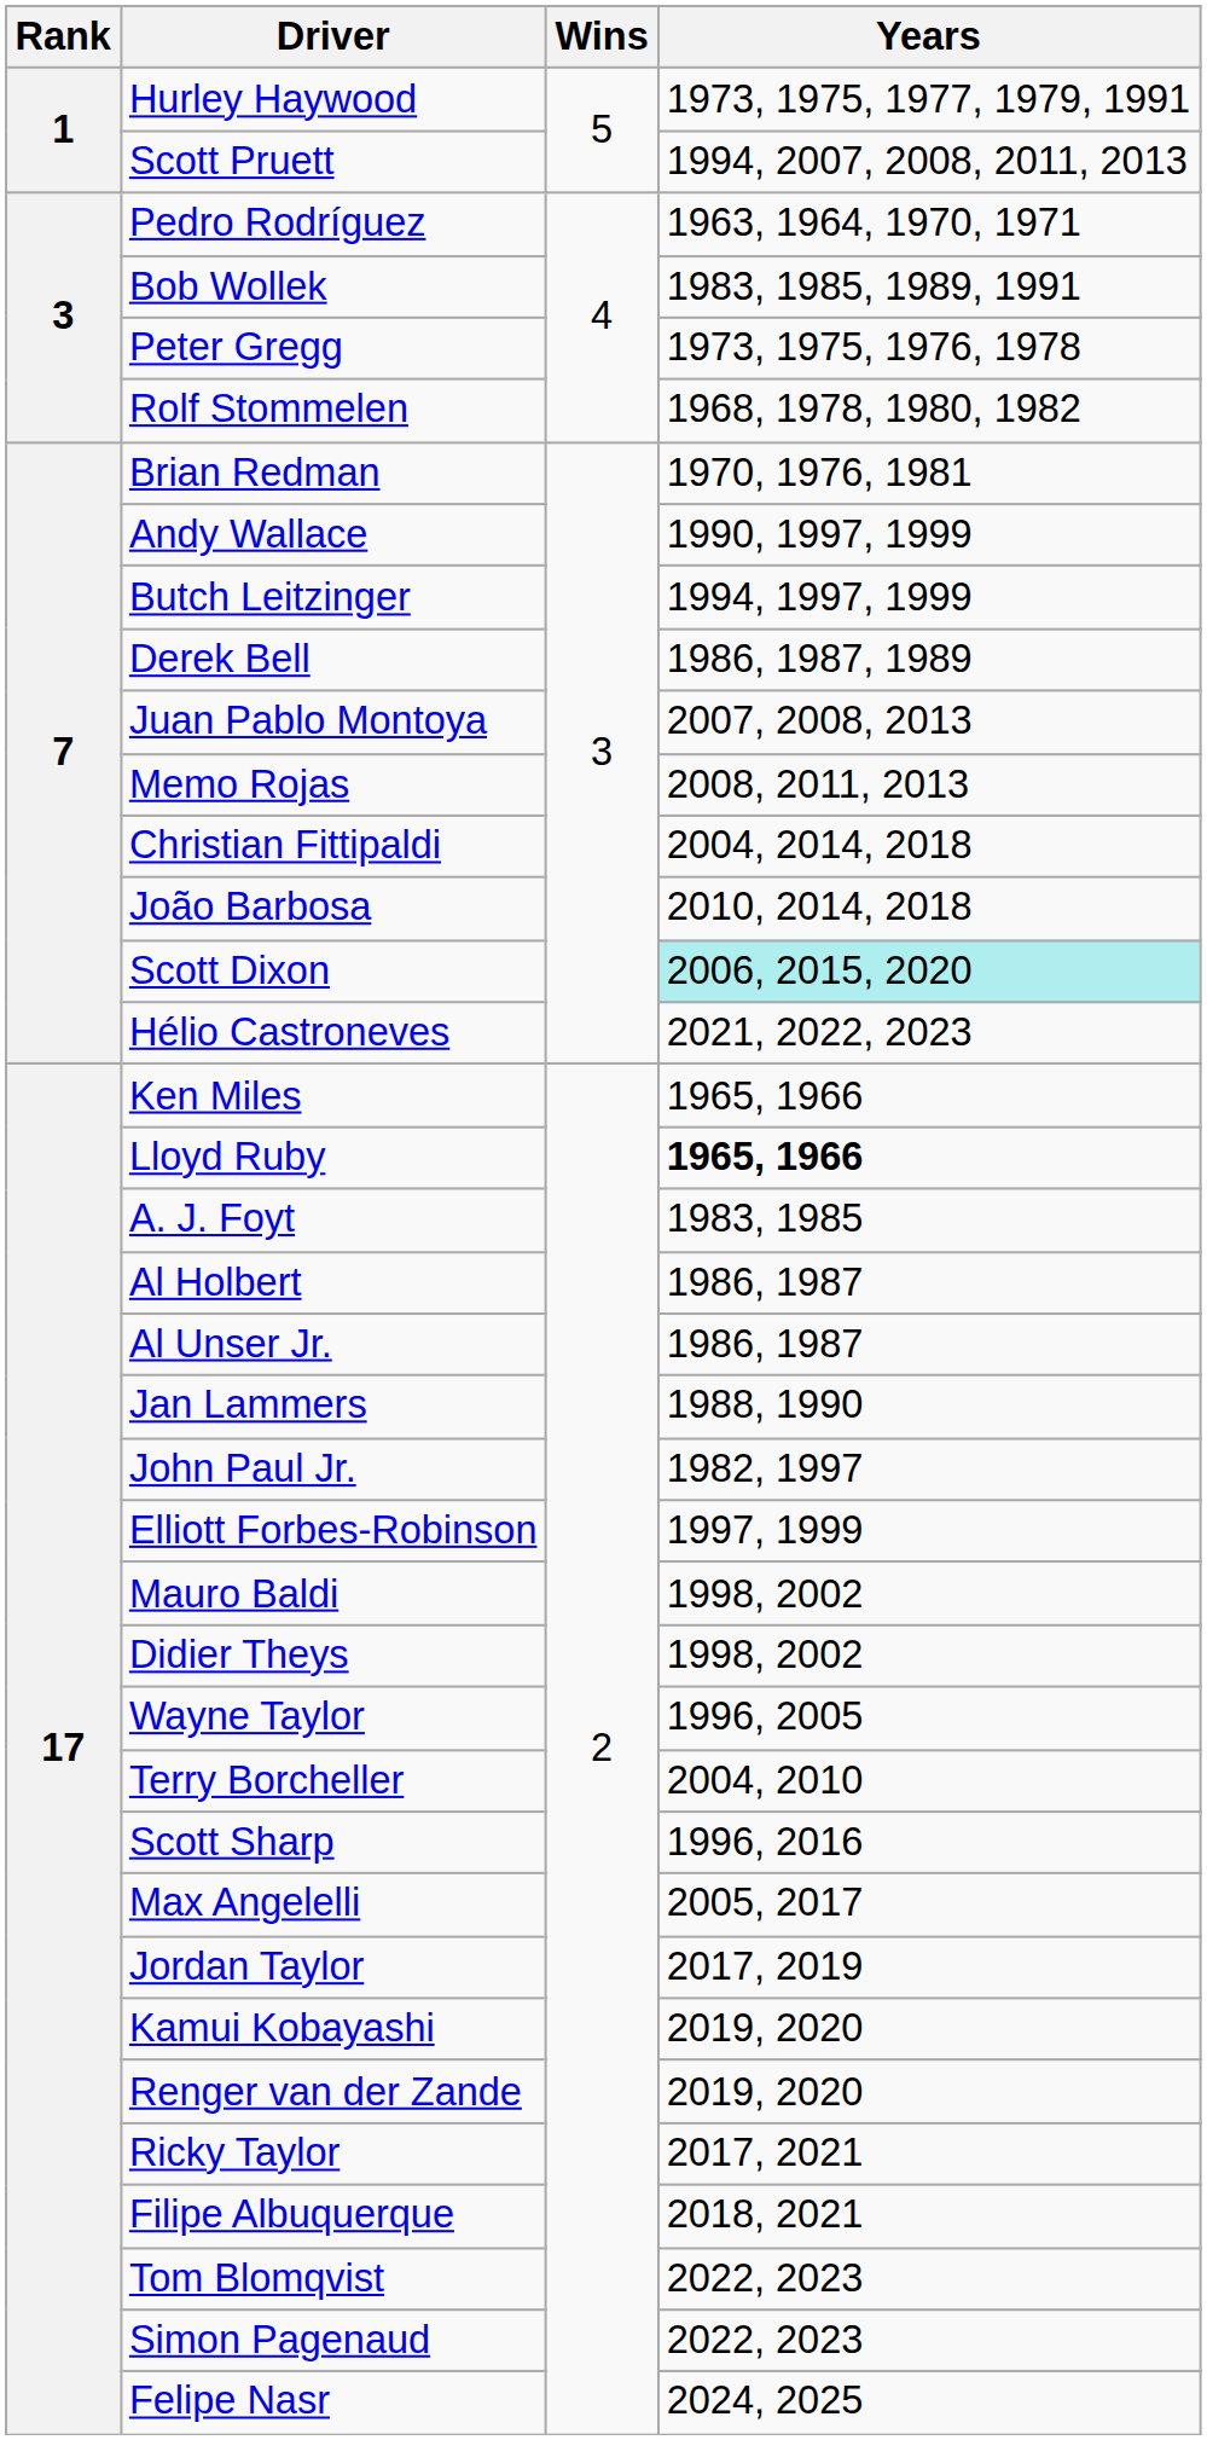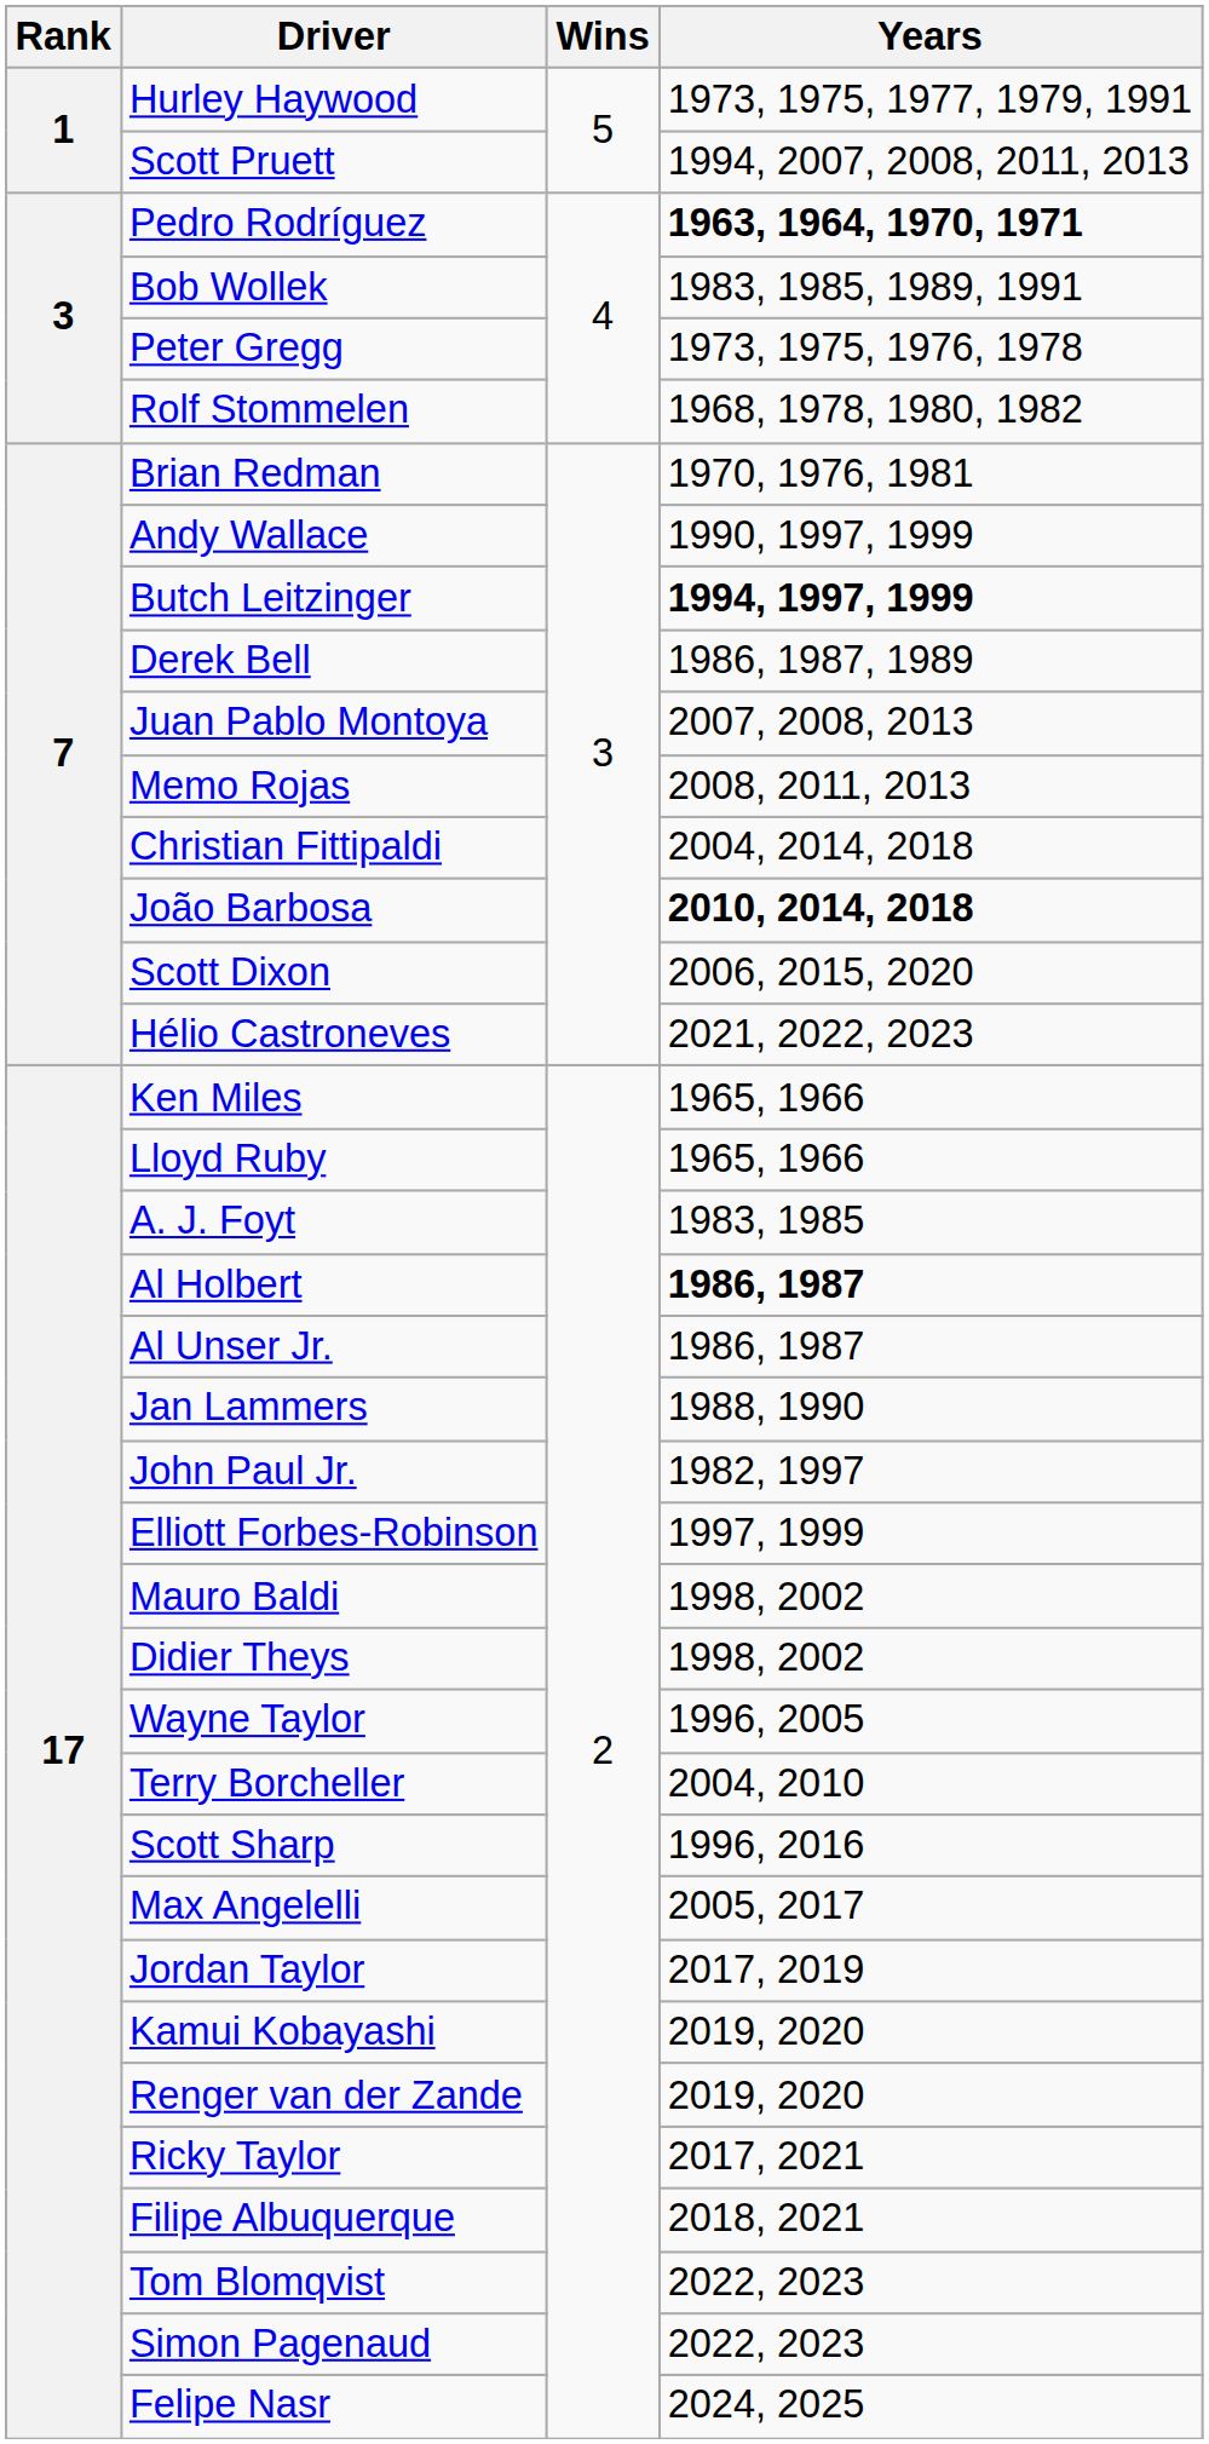 <table class=wikitable>
 <tr>
 <th>Rank</th>
 <th>Driver</th>
 <th>Wins</th>
 <th>Years</th>
 </tr>
 <tr>
 <th rowspan=2>1</th>
 <td> <a href='#'>Hurley Haywood</a></td>
 <td rowspan=2 align=center>5</td>
 <td>1973, 1975, 1977, 1979, 1991</td>
 </tr>
 <tr>
 <td> <a href='#'>Scott Pruett</a></td>
 <td>1994, 2007, 2008, 2011, 2013</td>
 </tr>
 <tr>
 <th rowspan=4>3</th>
 <td> <a href='#'>Pedro Rodríguez</a></td>
 <td rowspan="4" style="text-align:center;">4</td>
-<td>1963, 1964, 1970, 1971</td>
+<td><strong>1963, 1964, 1970, 1971</strong></td>
 </tr>
 <tr>
 <td> <a href='#'>Bob Wollek</a></td>
 <td>1983, 1985, 1989, 1991</td>
 </tr>
 <tr>
 <td> <a href='#'>Peter Gregg</a></td>
 <td>1973, 1975, 1976, 1978</td>
 </tr>
 <tr>
 <td> <a href='#'>Rolf Stommelen</a></td>
 <td>1968, 1978, 1980, 1982</td>
 </tr>
 <tr>
 <th rowspan=10>7</th>
 <td> <a href='#'>Brian Redman</a></td>
 <td rowspan="10" style="text-align:center;">3</td>
 <td>1970, 1976, 1981</td>
 </tr>
 <tr>
 <td> <a href='#'>Andy Wallace</a></td>
 <td>1990, 1997, 1999</td>
 </tr>
 <tr>
 <td> <a href='#'>Butch Leitzinger</a></td>
-<td>1994, 1997, 1999</td>
+<td><strong>1994, 1997, 1999</strong></td>
 </tr>
 <tr>
 <td> <a href='#'>Derek Bell</a></td>
 <td>1986, 1987, 1989</td>
 </tr>
 <tr>
 <td> <a href='#'>Juan Pablo Montoya</a></td>
 <td>2007, 2008, 2013</td>
 </tr>
 <tr>
 <td> <a href='#'>Memo Rojas</a></td>
 <td>2008, 2011, 2013</td>
 </tr>
 <tr>
 <td> <a href='#'>Christian Fittipaldi</a></td>
 <td>2004, 2014, 2018</td>
 </tr>
 <tr>
 <td> <a href='#'>João Barbosa</a></td>
-<td>2010, 2014, 2018</td>
+<td><strong>2010, 2014, 2018</strong></td>
 </tr>
 <tr>
 <td> <a href='#'>Scott Dixon</a></td>
-<td style="background: paleturquoise;">2006, 2015, 2020</td>
+<td>2006, 2015, 2020</td>
 </tr>
 <tr>
 <td> <a href='#'>Hélio Castroneves</a></td>
 <td>2021, 2022, 2023</td>
 </tr>
 <tr>
 <th rowspan="22">17</th>
 <td> <a href='#'>Ken Miles</a></td>
 <td rowspan="22" align="center">2</td>
 <td>1965, 1966</td>
 </tr>
 <tr>
 <td> <a href='#'>Lloyd Ruby</a></td>
-<td><strong>1965, 1966</strong></td>
+<td>1965, 1966</td>
 </tr>
 <tr>
 <td> <a href='#'>A. J. Foyt</a></td>
 <td>1983, 1985</td>
 </tr>
 <tr>
 <td> <a href='#'>Al Holbert</a></td>
-<td>1986, 1987</td>
+<td><strong>1986, 1987</strong></td>
 </tr>
 <tr>
 <td> <a href='#'>Al Unser Jr.</a></td>
 <td>1986, 1987</td>
 </tr>
 <tr>
 <td> <a href='#'>Jan Lammers</a></td>
 <td>1988, 1990</td>
 </tr>
 <tr>
 <td> <a href='#'>John Paul Jr.</a></td>
 <td>1982, 1997</td>
 </tr>
 <tr>
 <td> <a href='#'>Elliott Forbes-Robinson</a></td>
 <td>1997, 1999</td>
 </tr>
 <tr>
 <td> <a href='#'>Mauro Baldi</a></td>
 <td>1998, 2002</td>
 </tr>
 <tr>
 <td> <a href='#'>Didier Theys</a></td>
 <td>1998, 2002</td>
 </tr>
 <tr>
 <td> <a href='#'>Wayne Taylor</a></td>
 <td>1996, 2005</td>
 </tr>
 <tr>
 <td> <a href='#'>Terry Borcheller</a></td>
 <td>2004, 2010</td>
 </tr>
 <tr>
 <td> <a href='#'>Scott Sharp</a></td>
 <td>1996, 2016</td>
 </tr>
 <tr>
 <td> <a href='#'>Max Angelelli</a></td>
 <td>2005, 2017</td>
 </tr>
 <tr>
 <td> <a href='#'>Jordan Taylor</a></td>
 <td>2017, 2019</td>
 </tr>
 <tr>
 <td> <a href='#'>Kamui Kobayashi</a></td>
 <td>2019, 2020</td>
 </tr>
 <tr>
 <td> <a href='#'>Renger van der Zande</a></td>
 <td>2019, 2020</td>
 </tr>
 <tr>
 <td> <a href='#'>Ricky Taylor</a></td>
 <td>2017, 2021</td>
 </tr>
 <tr>
 <td> <a href='#'>Filipe Albuquerque</a></td>
 <td>2018, 2021</td>
 </tr>
 <tr>
 <td> <a href='#'>Tom Blomqvist</a></td>
 <td>2022, 2023</td>
 </tr>
 <tr>
 <td> <a href='#'>Simon Pagenaud</a></td>
 <td>2022, 2023</td>
 </tr>
 <tr>
 <td> <a href='#'>Felipe Nasr</a></td>
 <td>2024, 2025</td>
 </tr>
 </table>
